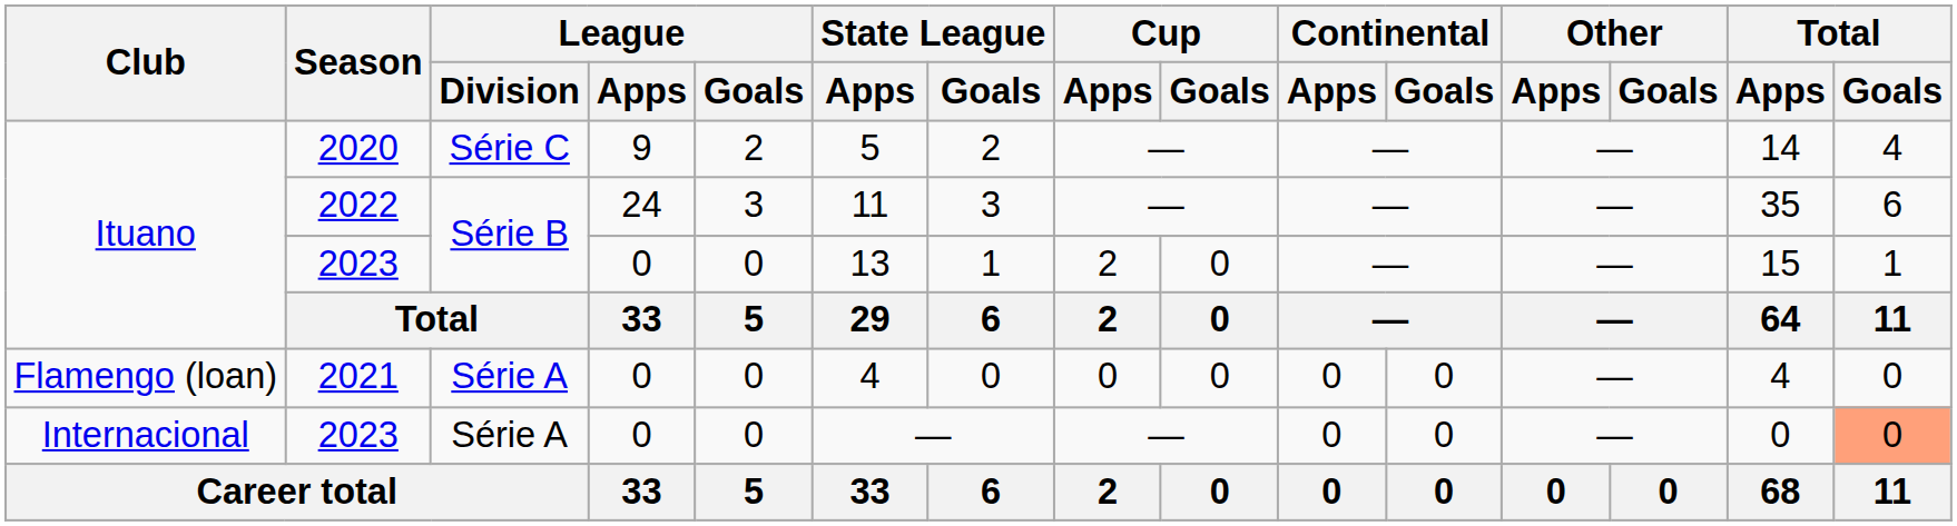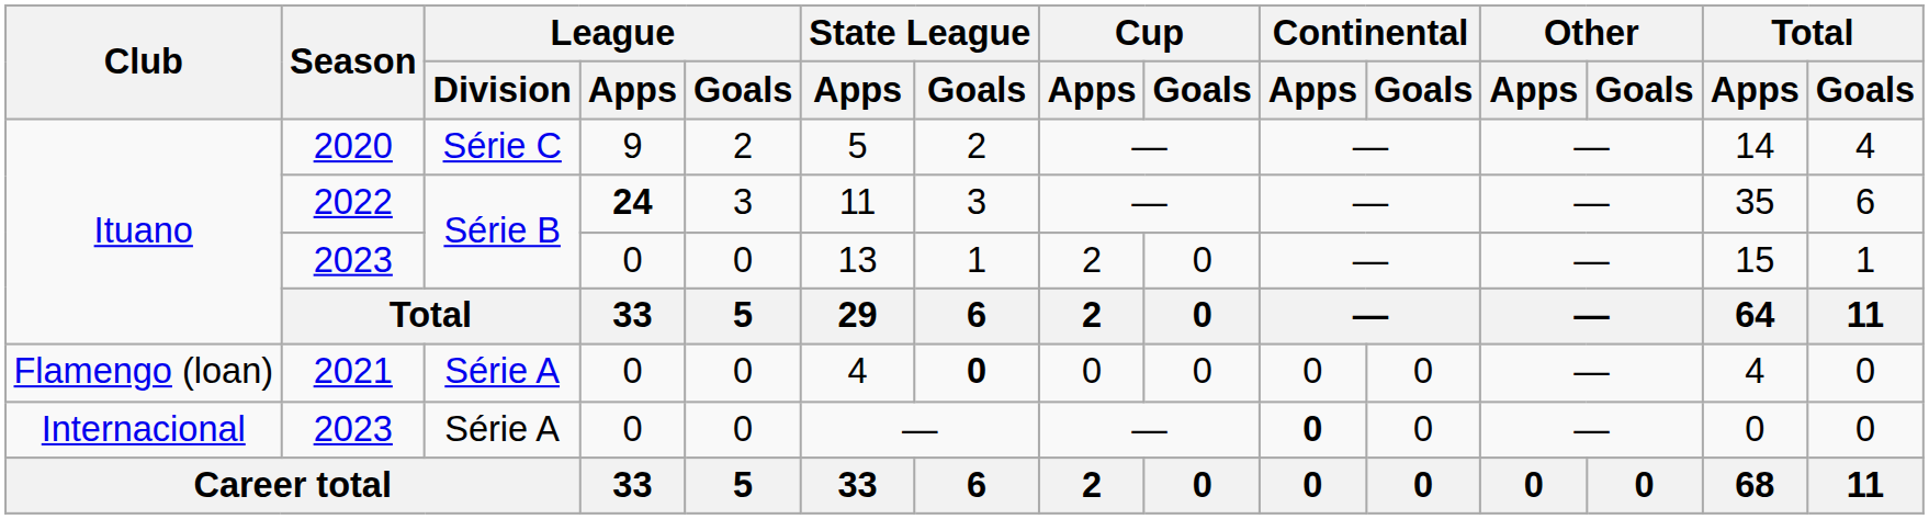 <table class="wikitable" style="text-align: center">
 <tr>
 <th rowspan="2">Club</th>
 <th rowspan="2">Season</th>
 <th colspan="3">League</th>
 <th colspan="2">State League</th>
 <th colspan="2">Cup</th>
 <th colspan="2">Continental</th>
 <th colspan="2">Other</th>
 <th colspan="2">Total</th>
 </tr>
 <tr>
 <th>Division</th>
 <th>Apps</th>
 <th>Goals</th>
 <th>Apps</th>
 <th>Goals</th>
 <th>Apps</th>
 <th>Goals</th>
 <th>Apps</th>
 <th>Goals</th>
 <th>Apps</th>
 <th>Goals</th>
 <th>Apps</th>
 <th>Goals</th>
 </tr>
 <tr>
 <td rowspan=4><a href='#'>Ituano</a></td>
 <td><a href='#'>2020</a></td>
 <td><a href='#'>Série C</a></td>
 <td>9</td>
 <td>2</td>
 <td>5</td>
 <td>2</td>
 <td colspan="2">—</td>
 <td colspan="2">—</td>
 <td colspan="2">—</td>
 <td>14</td>
 <td>4</td>
 </tr>
 <tr>
 <td><a href='#'>2022</a></td>
 <td rowspan=2><a href='#'>Série B</a></td>
-<td>24</td>
+<td><strong>24</strong></td>
 <td>3</td>
 <td>11</td>
 <td>3</td>
 <td colspan="2">—</td>
 <td colspan="2">—</td>
 <td colspan="2">—</td>
 <td>35</td>
 <td>6</td>
 </tr>
 <tr>
 <td><a href='#'>2023</a></td>
 <td>0</td>
 <td>0</td>
 <td>13</td>
 <td>1</td>
 <td>2</td>
 <td>0</td>
 <td colspan="2">—</td>
 <td colspan="2">—</td>
 <td>15</td>
 <td>1</td>
 </tr>
 <tr>
 <th colspan="2">Total</th>
 <th>33</th>
 <th>5</th>
 <th>29</th>
 <th>6</th>
 <th>2</th>
 <th>0</th>
 <th colspan="2">—</th>
 <th colspan="2">—</th>
 <th>64</th>
 <th>11</th>
 </tr>
 <tr>
 <td><a href='#'>Flamengo</a> (loan)</td>
 <td><a href='#'>2021</a></td>
 <td><a href='#'>Série A</a></td>
 <td>0</td>
 <td>0</td>
 <td>4</td>
-<td>0</td>
+<td><strong>0</strong></td>
 <td>0</td>
 <td>0</td>
 <td>0</td>
 <td>0</td>
 <td colspan="2">—</td>
 <td>4</td>
 <td>0</td>
 </tr>
 <tr>
 <td><a href='#'>Internacional</a></td>
 <td><a href='#'>2023</a></td>
 <td>Série A</td>
 <td>0</td>
 <td>0</td>
 <td colspan="2">—</td>
 <td colspan="2">—</td>
-<td>0</td>
+<td><strong>0</strong></td>
 <td>0</td>
 <td colspan="2">—</td>
 <td>0</td>
-<td style="background: lightsalmon;">0</td>
+<td>0</td>
 </tr>
 <tr>
 <th colspan="3"><strong>Career total</strong></th>
 <th>33</th>
 <th>5</th>
 <th>33</th>
 <th>6</th>
 <th>2</th>
 <th>0</th>
 <th>0</th>
 <th>0</th>
 <th>0</th>
 <th>0</th>
 <th>68</th>
 <th>11</th>
 </tr>
 </table>
